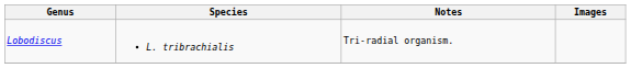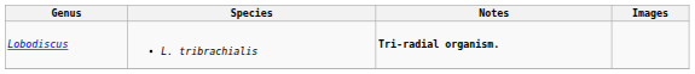 <table class="wikitable" style="width:70%;">
 <tr>
 <th>Genus</th>
 <th>Species</th>
 <th>Notes</th>
 <th>Images</th>
 </tr>
 <tr>
 <td><em><a href='#'>Lobodiscus</a></em></td>
 <td><br><ul><li><em>L. tribrachialis</em></li></ul></td>
-<td>Tri-radial organism.</td>
+<td><strong>Tri-radial organism.</strong></td>
 <td></td>
 </tr>
 <tr>
 </tr>
 </table>
